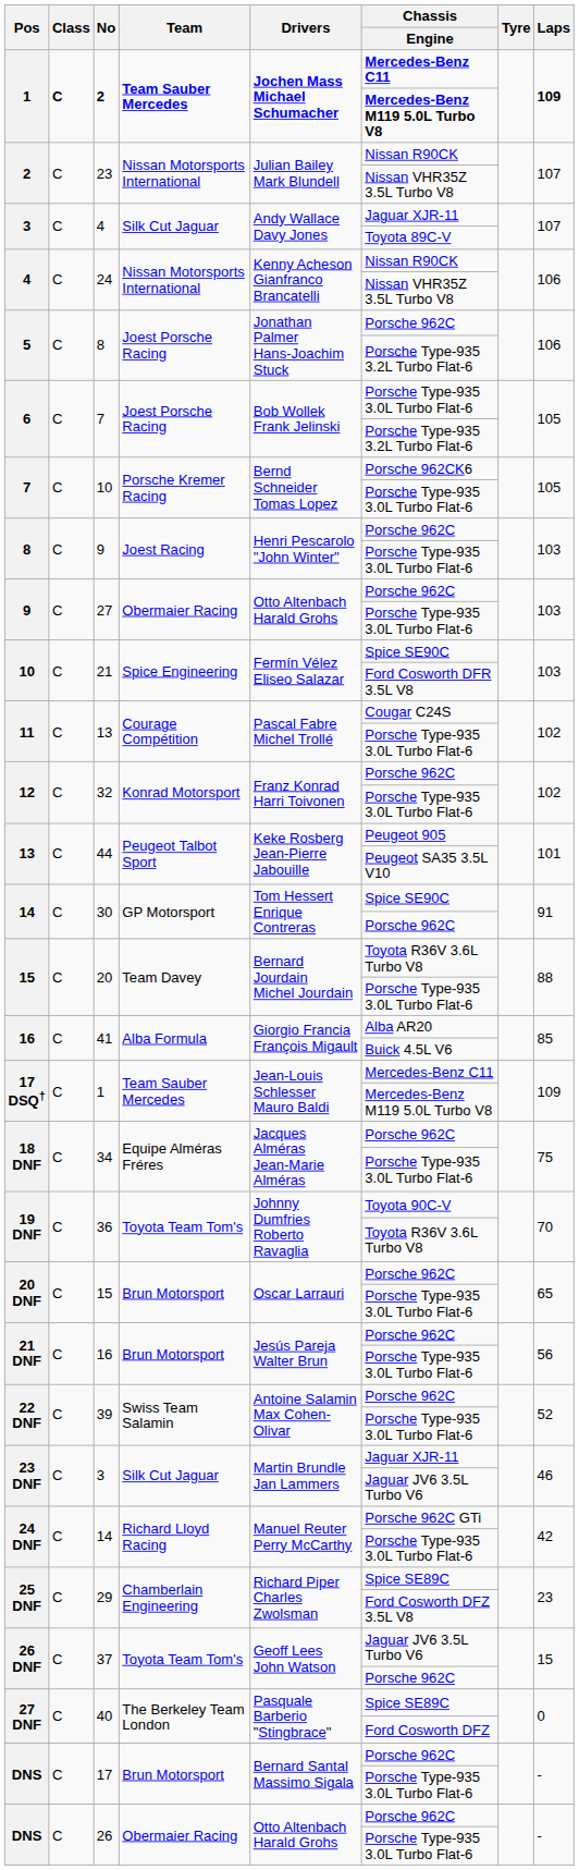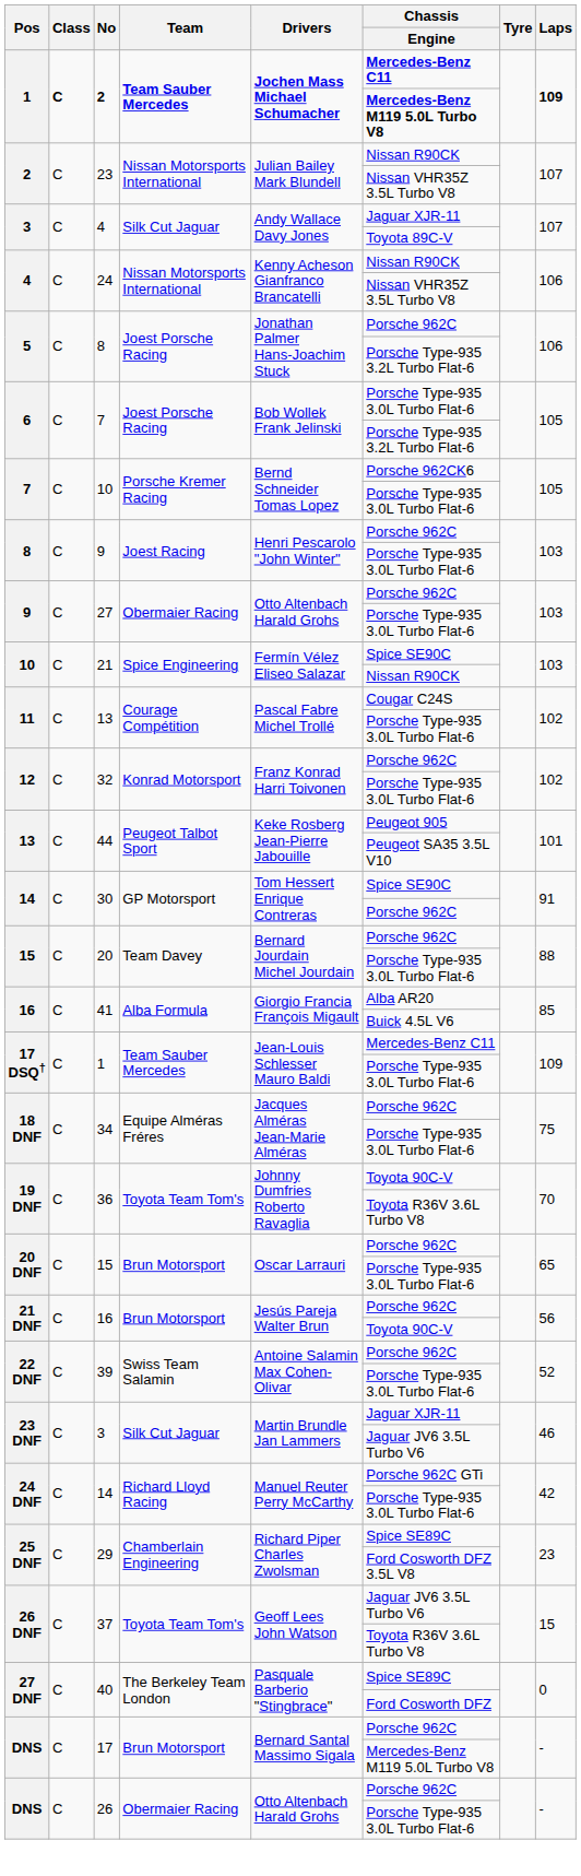 <table class="wikitable" style="font-size: 95%;">
 <tr>
 <th rowspan=2>Pos</th>
 <th rowspan=2>Class</th>
 <th rowspan=2>No</th>
 <th rowspan=2>Team</th>
 <th rowspan=2>Drivers</th>
 <th>Chassis</th>
 <th rowspan=2>Tyre</th>
 <th rowspan=2>Laps</th>
 </tr>
 <tr>
 <th>Engine</th>
 </tr>
 <tr style="font-weight:bold">
 <th rowspan=2>1</th>
 <td rowspan=2>C</td>
 <td rowspan=2>2</td>
 <td rowspan=2> <a href='#'>Team Sauber Mercedes</a></td>
 <td rowspan=2> <a href='#'>Jochen Mass</a><br> <a href='#'>Michael Schumacher</a></td>
 <td><a href='#'>Mercedes-Benz C11</a></td>
 <td rowspan=2></td>
 <td rowspan=2>109</td>
 </tr>
 <tr style="font-weight:bold">
 <td><a href='#'>Mercedes-Benz</a> M119 5.0L Turbo V8</td>
 </tr>
 <tr>
 <th rowspan=2>2</th>
 <td rowspan=2>C</td>
 <td rowspan=2>23</td>
 <td rowspan=2> <a href='#'>Nissan Motorsports International</a></td>
 <td rowspan=2> <a href='#'>Julian Bailey</a><br> <a href='#'>Mark Blundell</a></td>
 <td><a href='#'>Nissan R90CK</a></td>
 <td rowspan=2></td>
 <td rowspan=2>107</td>
 </tr>
 <tr>
 <td><a href='#'>Nissan</a> VHR35Z 3.5L Turbo V8</td>
 </tr>
 <tr>
 <th rowspan=2>3</th>
 <td rowspan=2>C</td>
 <td rowspan=2>4</td>
 <td rowspan=2> <a href='#'>Silk Cut Jaguar</a></td>
 <td rowspan=2> <a href='#'>Andy Wallace</a><br> <a href='#'>Davy Jones</a></td>
 <td><a href='#'>Jaguar XJR-11</a></td>
 <td rowspan=2></td>
 <td rowspan=2>107</td>
 </tr>
 <tr>
 <td><a href='#'>Toyota 89C-V</a></td>
 </tr>
 <tr>
 <th rowspan=2>4</th>
 <td rowspan=2>C</td>
 <td rowspan=2>24</td>
 <td rowspan=2> <a href='#'>Nissan Motorsports International</a></td>
 <td rowspan=2> <a href='#'>Kenny Acheson</a><br> <a href='#'>Gianfranco Brancatelli</a></td>
 <td><a href='#'>Nissan R90CK</a></td>
 <td rowspan=2></td>
 <td rowspan=2>106</td>
 </tr>
 <tr>
 <td><a href='#'>Nissan</a> VHR35Z 3.5L Turbo V8</td>
 </tr>
 <tr>
 <th rowspan=2>5</th>
 <td rowspan=2>C</td>
 <td rowspan=2>8</td>
 <td rowspan=2> <a href='#'>Joest Porsche Racing</a></td>
 <td rowspan=2> <a href='#'>Jonathan Palmer</a><br> <a href='#'>Hans-Joachim Stuck</a></td>
 <td><a href='#'>Porsche 962C</a></td>
 <td rowspan=2></td>
 <td rowspan=2>106</td>
 </tr>
 <tr>
 <td><a href='#'>Porsche</a> Type-935 3.2L Turbo Flat-6</td>
 </tr>
 <tr>
 <th rowspan=2>6</th>
 <td rowspan=2>C</td>
 <td rowspan=2>7</td>
 <td rowspan=2> <a href='#'>Joest Porsche Racing</a></td>
 <td rowspan=2> <a href='#'>Bob Wollek</a><br> <a href='#'>Frank Jelinski</a></td>
 <td><a href='#'>Porsche</a> Type-935 3.0L Turbo Flat-6</td>
 <td rowspan=2></td>
 <td rowspan=2>105</td>
 </tr>
 <tr>
 <td><a href='#'>Porsche</a> Type-935 3.2L Turbo Flat-6</td>
 </tr>
 <tr>
 <th rowspan=2>7</th>
 <td rowspan=2>C</td>
 <td rowspan=2>10</td>
 <td rowspan=2> <a href='#'>Porsche Kremer Racing</a></td>
 <td rowspan=2> <a href='#'>Bernd Schneider</a><br> <a href='#'>Tomas Lopez</a></td>
 <td><a href='#'>Porsche 962CK</a>6</td>
 <td rowspan=2></td>
 <td rowspan=2>105</td>
 </tr>
 <tr>
 <td><a href='#'>Porsche</a> Type-935 3.0L Turbo Flat-6</td>
 </tr>
 <tr>
 <th rowspan=2>8</th>
 <td rowspan=2>C</td>
 <td rowspan=2>9</td>
 <td rowspan=2> <a href='#'>Joest Racing</a></td>
 <td rowspan=2> <a href='#'>Henri Pescarolo</a><br> <a href='#'>"John Winter"</a></td>
 <td><a href='#'>Porsche 962C</a></td>
 <td rowspan=2></td>
 <td rowspan=2>103</td>
 </tr>
 <tr>
 <td><a href='#'>Porsche</a> Type-935 3.0L Turbo Flat-6</td>
 </tr>
 <tr>
 <th rowspan=2>9</th>
 <td rowspan=2>C</td>
 <td rowspan=2>27</td>
 <td rowspan=2> <a href='#'>Obermaier Racing</a></td>
 <td rowspan=2> <a href='#'>Otto Altenbach</a><br> <a href='#'>Harald Grohs</a></td>
 <td><a href='#'>Porsche 962C</a></td>
 <td rowspan=2></td>
 <td rowspan=2>103</td>
 </tr>
 <tr>
 <td><a href='#'>Porsche</a> Type-935 3.0L Turbo Flat-6</td>
 </tr>
 <tr>
 <th rowspan=2>10</th>
 <td rowspan=2>C</td>
 <td rowspan=2>21</td>
 <td rowspan=2> <a href='#'>Spice Engineering</a></td>
 <td rowspan=2> <a href='#'>Fermín Vélez</a><br> <a href='#'>Eliseo Salazar</a></td>
 <td><a href='#'>Spice SE90C</a></td>
 <td rowspan=2></td>
 <td rowspan=2>103</td>
 </tr>
 <tr>
-<td><a href='#'>Ford Cosworth DFR</a> 3.5L V8</td>
+<td><a href='#'>Nissan R90CK</a></td>
 </tr>
 <tr>
 <th rowspan=2>11</th>
 <td rowspan=2>C</td>
 <td rowspan=2>13</td>
 <td rowspan=2> <a href='#'>Courage Compétition</a></td>
 <td rowspan=2> <a href='#'>Pascal Fabre</a><br> <a href='#'>Michel Trollé</a></td>
 <td><a href='#'>Cougar</a> C24S</td>
 <td rowspan=2></td>
 <td rowspan=2>102</td>
 </tr>
 <tr>
 <td><a href='#'>Porsche</a> Type-935 3.0L Turbo Flat-6</td>
 </tr>
 <tr>
 <th rowspan=2>12</th>
 <td rowspan=2>C</td>
 <td rowspan=2>32</td>
 <td rowspan=2> <a href='#'>Konrad Motorsport</a></td>
 <td rowspan=2> <a href='#'>Franz Konrad</a><br> <a href='#'>Harri Toivonen</a></td>
 <td><a href='#'>Porsche 962C</a></td>
 <td rowspan=2></td>
 <td rowspan=2>102</td>
 </tr>
 <tr>
 <td><a href='#'>Porsche</a> Type-935 3.0L Turbo Flat-6</td>
 </tr>
 <tr>
 <th rowspan=2>13</th>
 <td rowspan=2>C</td>
 <td rowspan=2>44</td>
 <td rowspan=2> <a href='#'>Peugeot Talbot Sport</a></td>
 <td rowspan=2> <a href='#'>Keke Rosberg</a><br> <a href='#'>Jean-Pierre Jabouille</a></td>
 <td><a href='#'>Peugeot 905</a></td>
 <td rowspan=2></td>
 <td rowspan=2>101</td>
 </tr>
 <tr>
 <td><a href='#'>Peugeot</a> SA35 3.5L V10</td>
 </tr>
 <tr>
 <th rowspan=2>14</th>
 <td rowspan=2>C</td>
 <td rowspan=2>30</td>
 <td rowspan=2> GP Motorsport</td>
 <td rowspan=2> <a href='#'>Tom Hessert</a><br> <a href='#'>Enrique Contreras</a></td>
 <td><a href='#'>Spice SE90C</a></td>
 <td rowspan=2></td>
 <td rowspan=2>91</td>
 </tr>
 <tr>
 <td><a href='#'>Porsche 962C</a></td>
 </tr>
 <tr>
 <th rowspan=2>15</th>
 <td rowspan=2>C</td>
 <td rowspan=2>20</td>
 <td rowspan=2> Team Davey</td>
 <td rowspan=2> <a href='#'>Bernard Jourdain</a><br> <a href='#'>Michel Jourdain</a></td>
-<td><a href='#'>Toyota</a> R36V 3.6L Turbo V8</td>
+<td><a href='#'>Porsche 962C</a></td>
 <td rowspan=2></td>
 <td rowspan=2>88</td>
 </tr>
 <tr>
 <td><a href='#'>Porsche</a> Type-935 3.0L Turbo Flat-6</td>
 </tr>
 <tr>
 <th rowspan=2>16</th>
 <td rowspan=2>C</td>
 <td rowspan=2>41</td>
 <td rowspan=2> <a href='#'>Alba Formula</a></td>
 <td rowspan=2> <a href='#'>Giorgio Francia</a><br> <a href='#'>François Migault</a></td>
 <td><a href='#'>Alba</a> AR20</td>
 <td rowspan=2></td>
 <td rowspan=2>85</td>
 </tr>
 <tr>
 <td><a href='#'>Buick</a> 4.5L V6</td>
 </tr>
 <tr>
 <th rowspan=2>17<br>DSQ<sup>†</sup></th>
 <td rowspan=2>C</td>
 <td rowspan=2>1</td>
 <td rowspan=2> <a href='#'>Team Sauber Mercedes</a></td>
 <td rowspan=2> <a href='#'>Jean-Louis Schlesser</a><br> <a href='#'>Mauro Baldi</a></td>
 <td><a href='#'>Mercedes-Benz C11</a></td>
 <td rowspan=2></td>
 <td rowspan=2>109</td>
 </tr>
 <tr>
-<td><a href='#'>Mercedes-Benz</a> M119 5.0L Turbo V8</td>
+<td><a href='#'>Porsche</a> Type-935 3.0L Turbo Flat-6</td>
 </tr>
 <tr>
 <th rowspan=2>18<br>DNF</th>
 <td rowspan=2>C</td>
 <td rowspan=2>34</td>
 <td rowspan=2> Equipe Alméras Fréres</td>
 <td rowspan=2> <a href='#'>Jacques Alméras</a><br> <a href='#'>Jean-Marie Alméras</a></td>
 <td><a href='#'>Porsche 962C</a></td>
 <td rowspan=2></td>
 <td rowspan=2>75</td>
 </tr>
 <tr>
 <td><a href='#'>Porsche</a> Type-935 3.0L Turbo Flat-6</td>
 </tr>
 <tr>
 <th rowspan=2>19<br>DNF</th>
 <td rowspan=2>C</td>
 <td rowspan=2>36</td>
 <td rowspan=2> <a href='#'>Toyota Team Tom's</a></td>
 <td rowspan=2> <a href='#'>Johnny Dumfries</a><br> <a href='#'>Roberto Ravaglia</a></td>
 <td><a href='#'>Toyota 90C-V</a></td>
 <td rowspan=2></td>
 <td rowspan=2>70</td>
 </tr>
 <tr>
 <td><a href='#'>Toyota</a> R36V 3.6L Turbo V8</td>
 </tr>
 <tr>
 <th rowspan=2>20<br>DNF</th>
 <td rowspan=2>C</td>
 <td rowspan=2>15</td>
 <td rowspan=2> <a href='#'>Brun Motorsport</a></td>
 <td rowspan=2> <a href='#'>Oscar Larrauri</a></td>
 <td><a href='#'>Porsche 962C</a></td>
 <td rowspan=2></td>
 <td rowspan=2>65</td>
 </tr>
 <tr>
 <td><a href='#'>Porsche</a> Type-935 3.0L Turbo Flat-6</td>
 </tr>
 <tr>
 <th rowspan=2>21<br>DNF</th>
 <td rowspan=2>C</td>
 <td rowspan=2>16</td>
 <td rowspan=2> <a href='#'>Brun Motorsport</a></td>
 <td rowspan=2> <a href='#'>Jesús Pareja</a><br> <a href='#'>Walter Brun</a></td>
 <td><a href='#'>Porsche 962C</a></td>
 <td rowspan=2></td>
 <td rowspan=2>56</td>
 </tr>
 <tr>
-<td><a href='#'>Porsche</a> Type-935 3.0L Turbo Flat-6</td>
+<td><a href='#'>Toyota 90C-V</a></td>
 </tr>
 <tr>
 <th rowspan=2>22<br>DNF</th>
 <td rowspan=2>C</td>
 <td rowspan=2>39</td>
 <td rowspan=2> Swiss Team Salamin</td>
 <td rowspan=2> <a href='#'>Antoine Salamin</a><br> <a href='#'>Max Cohen-Olivar</a></td>
 <td><a href='#'>Porsche 962C</a></td>
 <td rowspan=2></td>
 <td rowspan=2>52</td>
 </tr>
 <tr>
 <td><a href='#'>Porsche</a> Type-935 3.0L Turbo Flat-6</td>
 </tr>
 <tr>
 <th rowspan=2>23<br>DNF</th>
 <td rowspan=2>C</td>
 <td rowspan=2>3</td>
 <td rowspan=2> <a href='#'>Silk Cut Jaguar</a></td>
 <td rowspan=2> <a href='#'>Martin Brundle</a><br> <a href='#'>Jan Lammers</a></td>
 <td><a href='#'>Jaguar XJR-11</a></td>
 <td rowspan=2></td>
 <td rowspan=2>46</td>
 </tr>
 <tr>
 <td><a href='#'>Jaguar</a> JV6 3.5L Turbo V6</td>
 </tr>
 <tr>
 <th rowspan=2>24<br>DNF</th>
 <td rowspan=2>C</td>
 <td rowspan=2>14</td>
 <td rowspan=2> <a href='#'>Richard Lloyd Racing</a></td>
 <td rowspan=2> <a href='#'>Manuel Reuter</a><br> <a href='#'>Perry McCarthy</a></td>
 <td><a href='#'>Porsche 962C</a> GTi</td>
 <td rowspan=2></td>
 <td rowspan=2>42</td>
 </tr>
 <tr>
 <td><a href='#'>Porsche</a> Type-935 3.0L Turbo Flat-6</td>
 </tr>
 <tr>
 <th rowspan=2>25<br>DNF</th>
 <td rowspan=2>C</td>
 <td rowspan=2>29</td>
 <td rowspan=2> <a href='#'>Chamberlain Engineering</a></td>
 <td rowspan=2> <a href='#'>Richard Piper</a><br> <a href='#'>Charles Zwolsman</a></td>
 <td><a href='#'>Spice SE89C</a></td>
 <td rowspan=2></td>
 <td rowspan=2>23</td>
 </tr>
 <tr>
 <td><a href='#'>Ford Cosworth DFZ</a> 3.5L V8</td>
 </tr>
 <tr>
 <th rowspan=2>26<br>DNF</th>
 <td rowspan=2>C</td>
 <td rowspan=2>37</td>
 <td rowspan=2> <a href='#'>Toyota Team Tom's</a></td>
 <td rowspan=2> <a href='#'>Geoff Lees</a><br> <a href='#'>John Watson</a></td>
 <td><a href='#'>Jaguar</a> JV6 3.5L Turbo V6</td>
 <td rowspan=2></td>
 <td rowspan=2>15</td>
 </tr>
 <tr>
-<td><a href='#'>Porsche 962C</a></td>
+<td><a href='#'>Toyota</a> R36V 3.6L Turbo V8</td>
 </tr>
 <tr>
 <th rowspan=2>27<br>DNF</th>
 <td rowspan=2>C</td>
 <td rowspan=2>40</td>
 <td rowspan=2> The Berkeley Team London</td>
 <td rowspan=2> <a href='#'>Pasquale Barberio</a><br> "<a href='#'>Stingbrace</a>"</td>
 <td><a href='#'>Spice SE89C</a></td>
 <td rowspan=2></td>
 <td rowspan=2>0</td>
 </tr>
 <tr>
 <td><a href='#'>Ford Cosworth DFZ</a></td>
 </tr>
 <tr>
 <th rowspan=2>DNS</th>
 <td rowspan=2>C</td>
 <td rowspan=2>17</td>
 <td rowspan=2> <a href='#'>Brun Motorsport</a></td>
 <td rowspan=2> <a href='#'>Bernard Santal</a><br> <a href='#'>Massimo Sigala</a></td>
 <td><a href='#'>Porsche 962C</a></td>
 <td rowspan=2></td>
 <td rowspan=2>-</td>
 </tr>
 <tr>
-<td><a href='#'>Porsche</a> Type-935 3.0L Turbo Flat-6</td>
+<td><a href='#'>Mercedes-Benz</a> M119 5.0L Turbo V8</td>
 </tr>
 <tr>
 <th rowspan=2>DNS</th>
 <td rowspan=2>C</td>
 <td rowspan=2>26</td>
 <td rowspan=2> <a href='#'>Obermaier Racing</a></td>
 <td rowspan=2> <a href='#'>Otto Altenbach</a><br> <a href='#'>Harald Grohs</a></td>
 <td><a href='#'>Porsche 962C</a></td>
 <td rowspan=2></td>
 <td rowspan=2>-</td>
 </tr>
 <tr>
 <td><a href='#'>Porsche</a> Type-935 3.0L Turbo Flat-6</td>
 </tr>
 </table>
